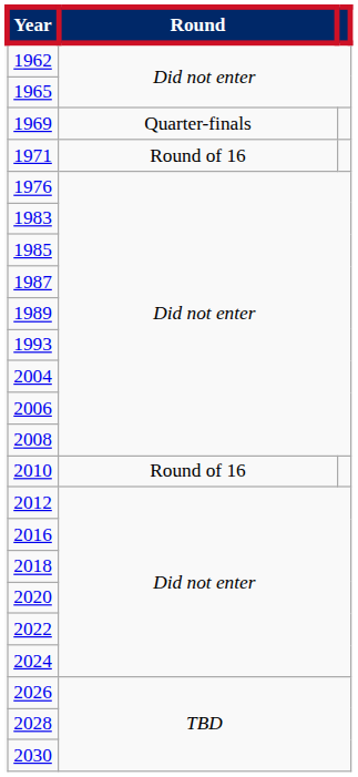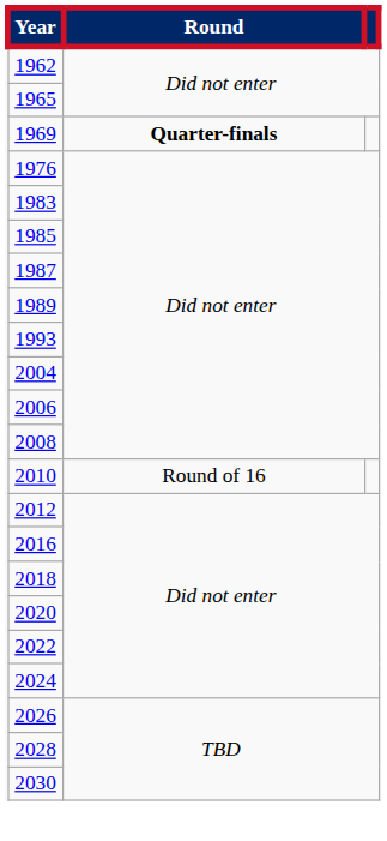 <table class="wikitable" style="text-align: center; font-size:90%">
 <tr style="color:white;">
 <th style="background:#002868; border: 4px solid #CE1126; ">Year</th>
 <th style="background:#002868; border: 4px solid #CE1126; width:200px">Round</th>
 <th style="background:#002868; border: 4px solid #CE1126;"></th>
 </tr>
 <tr>
 <td><a href='#'>1962</a></td>
 <td colspan="2" rowspan="2"><em>Did not enter</em></td>
 </tr>
 <tr>
 <td><a href='#'>1965</a></td>
 </tr>
 <tr>
 <td><a href='#'>1969</a></td>
-<td>Quarter-finals</td>
-<td></td>
-</tr>
-<tr>
-<td><a href='#'>1971</a></td>
-<td>Round of 16</td>
+<td><strong>Quarter-finals</strong></td>
 <td></td>
 </tr>
 <tr>
 <td><a href='#'>1976</a></td>
 <td colspan="2" rowspan="9"><em>Did not enter</em></td>
 </tr>
 <tr>
 <td><a href='#'>1983</a></td>
 </tr>
 <tr>
 <td><a href='#'>1985</a></td>
 </tr>
 <tr>
 <td><a href='#'>1987</a></td>
 </tr>
 <tr>
 <td><a href='#'>1989</a></td>
 </tr>
 <tr>
 <td><a href='#'>1993</a></td>
 </tr>
 <tr>
 <td><a href='#'>2004</a></td>
 </tr>
 <tr>
 <td><a href='#'>2006</a></td>
 </tr>
 <tr>
 <td><a href='#'>2008</a></td>
 </tr>
 <tr>
 <td><a href='#'>2010</a></td>
 <td>Round of 16</td>
 <td></td>
 </tr>
 <tr>
 <td><a href='#'>2012</a></td>
 <td colspan="2" rowspan="6"><em>Did not enter</em></td>
 </tr>
 <tr>
 <td><a href='#'>2016</a></td>
 </tr>
 <tr>
 <td><a href='#'>2018</a></td>
 </tr>
 <tr>
 <td><a href='#'>2020</a></td>
 </tr>
 <tr>
 <td><a href='#'>2022</a></td>
 </tr>
 <tr>
 <td><a href='#'>2024</a></td>
 </tr>
 <tr>
 <td><a href='#'>2026</a></td>
 <td colspan="2" rowspan="3"><em>TBD</em></td>
 </tr>
 <tr>
 <td><a href='#'>2028</a></td>
 </tr>
 <tr>
 <td><a href='#'>2030</a></td>
 </tr>
 </table>
